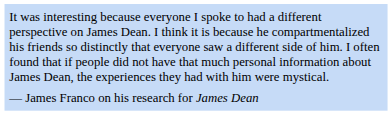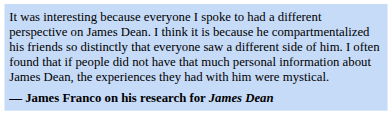 <table class="toccolours" style="float: right; margin-left: 1em; margin-right: 2em; font-size: 95%; background:#c6dbf7; color:black; width:30em; max-width: 40%;" cellspacing="5">
 <tr>
 <td style="text-align: left;">It was interesting because everyone I spoke to had a different perspective on James Dean. I think it is because he compartmentalized his friends so distinctly that everyone saw a different side of him. I often found that if people did not have that much personal information about James Dean, the experiences they had with him were mystical.</td>
 </tr>
 <tr>
-<td style="text-align: left;">— James Franco on his research for <em>James Dean</em></td>
+<td style="text-align: left;"><strong>— James Franco on his research for <em>James Dean</em></strong></td>
 </tr>
 </table>
